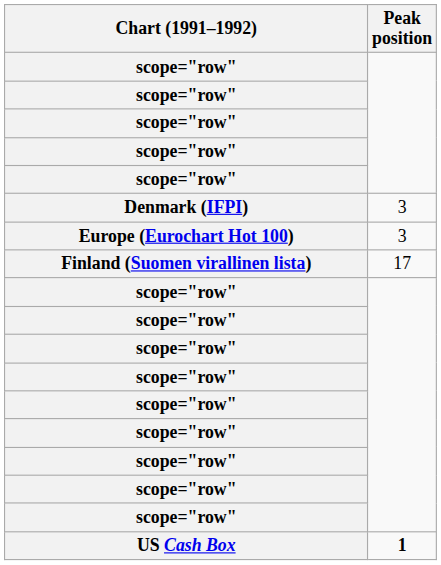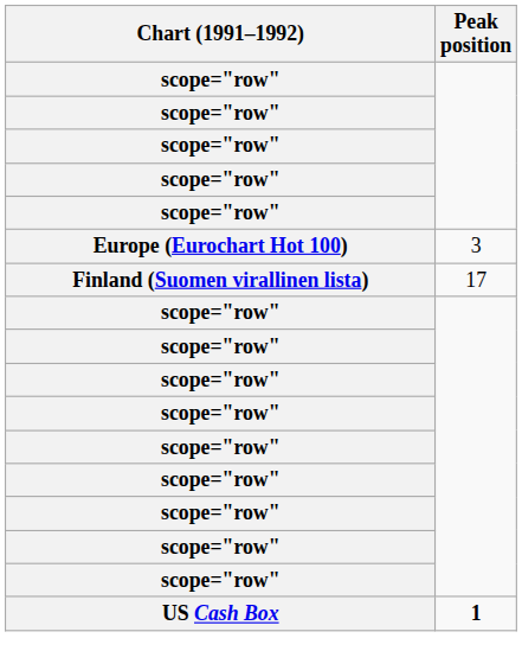 <table class="wikitable plainrowheaders sortable" style="text-align:center;">
 <tr>
 <th scope="col" style="width:20em;">Chart (1991–1992)</th>
 <th scope="col">Peak<br>position</th>
 </tr>
 <tr>
 <th>scope="row"</th>
 </tr>
 <tr>
 <th>scope="row"</th>
 </tr>
 <tr>
 <th>scope="row"</th>
 </tr>
 <tr>
 <th>scope="row"</th>
 </tr>
 <tr>
 <th>scope="row"</th>
-</tr>
-<tr>
-<th scope="row">Denmark (<a href='#'>IFPI</a>)</th>
-<td>3</td>
 </tr>
 <tr>
 <th scope="row">Europe (<a href='#'>Eurochart Hot 100</a>)</th>
 <td>3</td>
 </tr>
 <tr>
 <th scope="row">Finland (<a href='#'>Suomen virallinen lista</a>)</th>
 <td>17</td>
 </tr>
 <tr>
 <th>scope="row"</th>
 </tr>
 <tr>
 <th>scope="row"</th>
 </tr>
 <tr>
 <th>scope="row"</th>
 </tr>
 <tr>
 <th>scope="row"</th>
 </tr>
 <tr>
 <th>scope="row"</th>
 </tr>
 <tr>
 <th>scope="row"</th>
 </tr>
 <tr>
 <th>scope="row"</th>
 </tr>
 <tr>
 <th>scope="row"</th>
 </tr>
 <tr>
 <th>scope="row"</th>
 </tr>
 <tr>
 <th scope="row">US <em><a href='#'>Cash Box</a></em></th>
 <td><strong>1</strong></td>
 </tr>
 </table>
